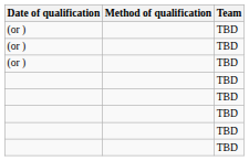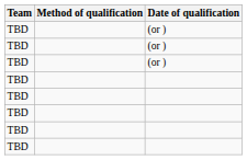 <table class="wikitable sortable">
 <tr>
+<th>Team</th>
+<th>Method of qualification</th>
 <th>Date of qualification</th>
-<th>Method of qualification</th>
-<th>Team</th>
 </tr>
 <tr>
+<td> TBD</td>
+<td></td>
 <td> (or )</td>
-<td></td>
-<td> TBD</td>
 </tr>
 <tr>
+<td> TBD</td>
+<td></td>
 <td> (or )</td>
-<td></td>
-<td> TBD</td>
 </tr>
 <tr>
+<td> TBD</td>
+<td></td>
 <td> (or )</td>
-<td></td>
-<td> TBD</td>
 </tr>
 <tr>
+<td> TBD</td>
 <td></td>
 <td></td>
-<td> TBD</td>
 </tr>
 <tr>
+<td> TBD</td>
 <td></td>
 <td></td>
-<td> TBD</td>
 </tr>
 <tr>
+<td> TBD</td>
 <td></td>
 <td></td>
-<td> TBD</td>
 </tr>
 <tr>
+<td> TBD</td>
 <td></td>
 <td></td>
-<td> TBD</td>
 </tr>
 <tr>
+<td> TBD</td>
 <td></td>
 <td></td>
-<td> TBD</td>
 </tr>
 </table>
